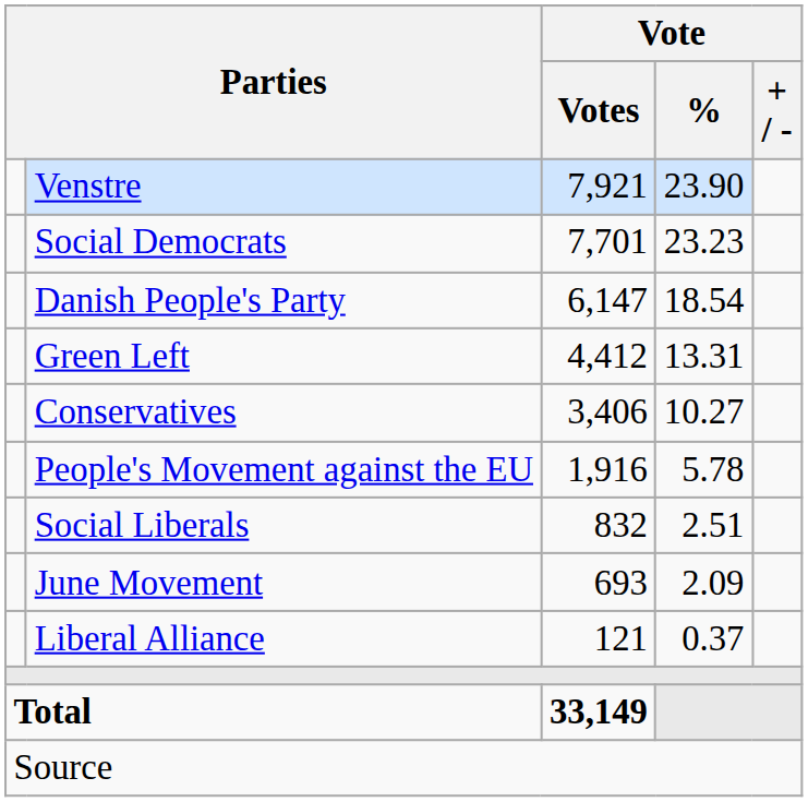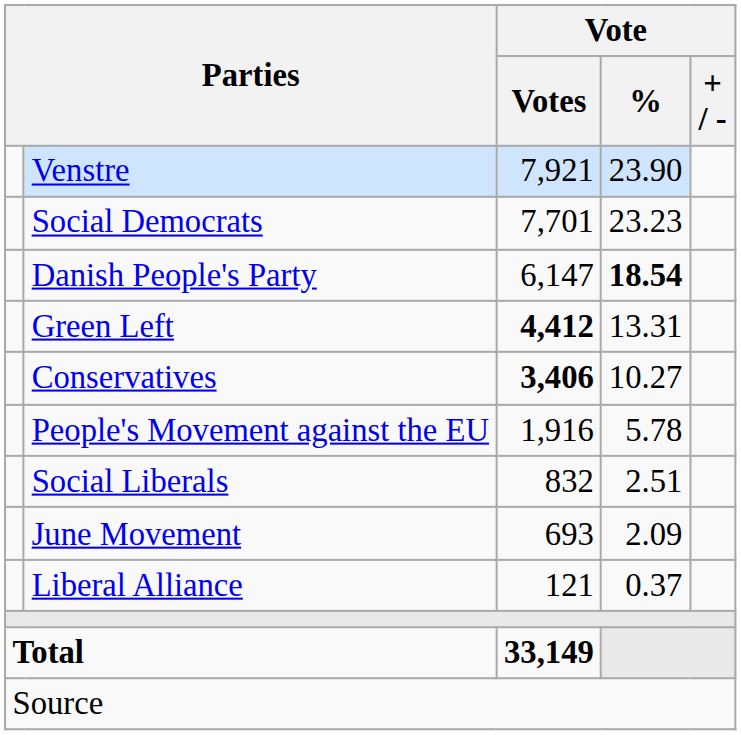 <table class="wikitable" style="text-align:right;">
 <tr>
 <th style="text-align:centre;" rowspan="2" colspan="2" width="225">Parties</th>
 <th colspan="3">Vote</th>
 </tr>
 <tr>
 <th width="15">Votes</th>
 <th width="15">%</th>
 <th width="15">+ / -</th>
 </tr>
 <tr>
 <td width="2" style="color:inherit;background:"></td>
 <td bgcolor=#cfe5fe   align="left"><a href='#'>Venstre</a></td>
 <td bgcolor=#cfe5fe>7,921</td>
 <td bgcolor=#cfe5fe>23.90</td>
 <td></td>
 </tr>
 <tr>
 <td width="2" style="color:inherit;background:"></td>
 <td align="left"><a href='#'>Social Democrats</a></td>
 <td>7,701</td>
 <td>23.23</td>
 <td></td>
 </tr>
 <tr>
 <td width="2" style="color:inherit;background:"></td>
 <td align="left"><a href='#'>Danish People's Party</a></td>
 <td>6,147</td>
-<td>18.54</td>
+<td><strong>18.54</strong></td>
 <td></td>
 </tr>
 <tr>
 <td width="2" style="color:inherit;background:"></td>
 <td align="left"><a href='#'>Green Left</a></td>
-<td>4,412</td>
+<td><strong>4,412</strong></td>
 <td>13.31</td>
 <td></td>
 </tr>
 <tr>
 <td width="2" style="color:inherit;background:"></td>
 <td align="left"><a href='#'>Conservatives</a></td>
-<td>3,406</td>
+<td><strong>3,406</strong></td>
 <td>10.27</td>
 <td></td>
 </tr>
 <tr>
 <td width="2" style="color:inherit;background:"></td>
 <td align="left"><a href='#'>People's Movement against the EU</a></td>
 <td>1,916</td>
 <td>5.78</td>
 <td></td>
 </tr>
 <tr>
 <td width="2" style="color:inherit;background:"></td>
 <td align="left"><a href='#'>Social Liberals</a></td>
 <td>832</td>
 <td>2.51</td>
 <td></td>
 </tr>
 <tr>
 <td width="2" style="color:inherit;background:"></td>
 <td align="left"><a href='#'>June Movement</a></td>
 <td>693</td>
 <td>2.09</td>
 <td></td>
 </tr>
 <tr>
 <td width="2" style="color:inherit;background:"></td>
 <td align="left"><a href='#'>Liberal Alliance</a></td>
 <td>121</td>
 <td>0.37</td>
 <td></td>
 </tr>
 <tr>
 <td colspan="7" bgcolor="#E9E9E9"></td>
 </tr>
 <tr>
 <td align="left" colspan="2"><strong>Total</strong></td>
 <td><strong>33,149</strong></td>
 <td bgcolor="#E9E9E9" colspan="2"></td>
 </tr>
 <tr>
 <td align="left" colspan="6">Source</td>
 </tr>
 </table>
